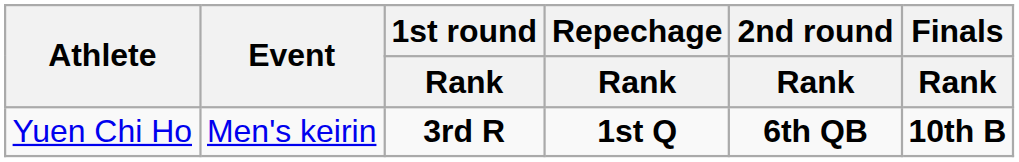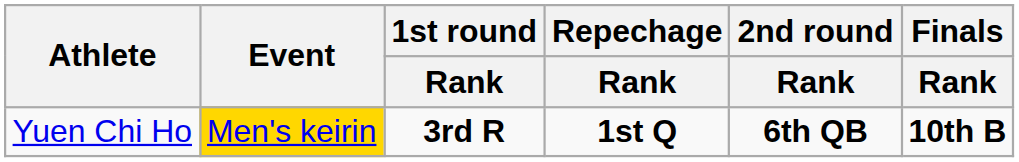 <table class=wikitable style="font-size:90%">
 <tr>
 <th rowspan="2">Athlete</th>
 <th rowspan="2">Event</th>
 <th>1st round</th>
 <th>Repechage</th>
 <th>2nd round</th>
 <th>Finals</th>
 </tr>
 <tr>
 <th>Rank</th>
 <th>Rank</th>
 <th>Rank</th>
 <th>Rank</th>
 </tr>
 <tr>
 <td><a href='#'>Yuen Chi Ho</a></td>
-<td><a href='#'>Men's keirin</a></td>
+<td style="background: gold;"><a href='#'>Men's keirin</a></td>
 <td align=center><strong>3rd R</strong></td>
 <td align=center><strong>1st Q</strong></td>
 <td align=center><strong>6th QB</strong></td>
 <td align=center><strong>10th B</strong></td>
 </tr>
 </table>
